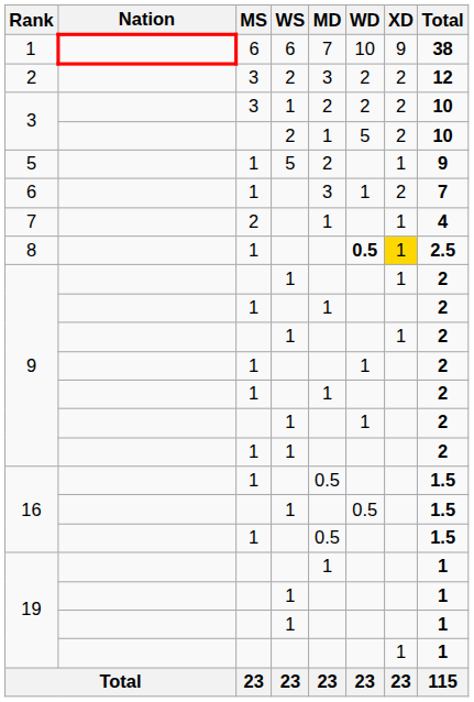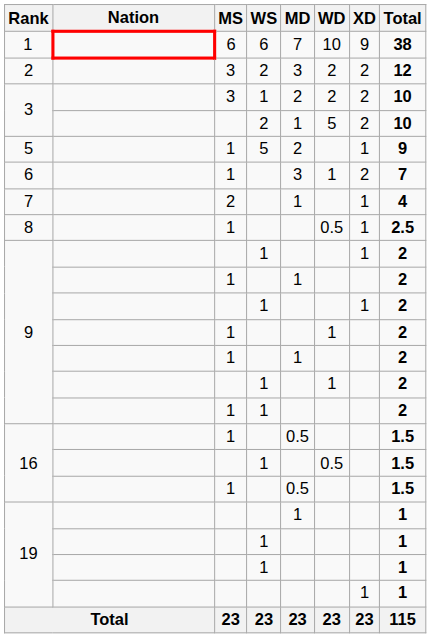 <table class="wikitable" style="text-align:center">
 <tr>
 <th width="20">Rank</th>
 <th width="150">Nation</th>
 <th width="20">MS</th>
 <th width="20">WS</th>
 <th width="20">MD</th>
 <th width="20">WD</th>
 <th width="20">XD</th>
 <th width="20">Total</th>
 </tr>
 <tr>
 <td>1</td>
 <td align="left" style="border: 3px solid red"></td>
 <td>6</td>
 <td>6</td>
 <td>7</td>
 <td>10</td>
 <td>9</td>
 <td><strong>38</strong></td>
 </tr>
 <tr>
 <td>2</td>
 <td align="left"></td>
 <td>3</td>
 <td>2</td>
 <td>3</td>
 <td>2</td>
 <td>2</td>
 <td><strong>12</strong></td>
 </tr>
 <tr>
 <td rowspan="2">3</td>
 <td align="left"></td>
 <td>3</td>
 <td>1</td>
 <td>2</td>
 <td>2</td>
 <td>2</td>
 <td><strong>10</strong></td>
 </tr>
 <tr>
 <td align="left"></td>
 <td></td>
 <td>2</td>
 <td>1</td>
 <td>5</td>
 <td>2</td>
 <td><strong>10</strong></td>
 </tr>
 <tr>
 <td>5</td>
 <td align="left"></td>
 <td>1</td>
 <td>5</td>
 <td>2</td>
 <td></td>
 <td>1</td>
 <td><strong>9</strong></td>
 </tr>
 <tr>
 <td>6</td>
 <td align="left"></td>
 <td>1</td>
 <td></td>
 <td>3</td>
 <td>1</td>
 <td>2</td>
 <td><strong>7</strong></td>
 </tr>
 <tr>
 <td>7</td>
 <td align="left"></td>
 <td>2</td>
 <td></td>
 <td>1</td>
 <td></td>
 <td>1</td>
 <td><strong>4</strong></td>
 </tr>
 <tr>
 <td>8</td>
 <td align="left"></td>
 <td>1</td>
 <td></td>
 <td></td>
-<td><strong>0.5</strong></td>
-<td style="background: gold;">1</td>
+<td>0.5</td>
+<td>1</td>
 <td><strong>2.5</strong></td>
 </tr>
 <tr>
 <td rowspan=7>9</td>
 <td align="left"></td>
 <td></td>
 <td>1</td>
 <td></td>
 <td></td>
 <td>1</td>
 <td><strong>2</strong></td>
 </tr>
 <tr>
 <td align="left"></td>
 <td>1</td>
 <td></td>
 <td>1</td>
 <td></td>
 <td></td>
 <td><strong>2</strong></td>
 </tr>
 <tr>
 <td align="left"></td>
 <td></td>
 <td>1</td>
 <td></td>
 <td></td>
 <td>1</td>
 <td><strong>2</strong></td>
 </tr>
 <tr>
 <td align="left"></td>
 <td>1</td>
 <td></td>
 <td></td>
 <td>1</td>
 <td></td>
 <td><strong>2</strong></td>
 </tr>
 <tr>
 <td align="left"></td>
 <td>1</td>
 <td></td>
 <td>1</td>
 <td></td>
 <td></td>
 <td><strong>2</strong></td>
 </tr>
 <tr>
 <td align="left"></td>
 <td></td>
 <td>1</td>
 <td></td>
 <td>1</td>
 <td></td>
 <td><strong>2</strong></td>
 </tr>
 <tr>
 <td align="left"></td>
 <td>1</td>
 <td>1</td>
 <td></td>
 <td></td>
 <td></td>
 <td><strong>2</strong></td>
 </tr>
 <tr>
 <td rowspan=3>16</td>
 <td align="left"></td>
 <td>1</td>
 <td></td>
 <td>0.5</td>
 <td></td>
 <td></td>
 <td><strong>1.5</strong></td>
 </tr>
 <tr>
 <td align="left"></td>
 <td></td>
 <td>1</td>
 <td></td>
 <td>0.5</td>
 <td></td>
 <td><strong>1.5</strong></td>
 </tr>
 <tr>
 <td align="left"></td>
 <td>1</td>
 <td></td>
 <td>0.5</td>
 <td></td>
 <td></td>
 <td><strong>1.5</strong></td>
 </tr>
 <tr>
 <td rowspan=4>19</td>
 <td align="left"></td>
 <td></td>
 <td></td>
 <td>1</td>
 <td></td>
 <td></td>
 <td><strong>1</strong></td>
 </tr>
 <tr>
 <td align="left"></td>
 <td></td>
 <td>1</td>
 <td></td>
 <td></td>
 <td></td>
 <td><strong>1</strong></td>
 </tr>
 <tr>
 <td align="left"></td>
 <td></td>
 <td>1</td>
 <td></td>
 <td></td>
 <td></td>
 <td><strong>1</strong></td>
 </tr>
 <tr>
 <td align="left"></td>
 <td></td>
 <td></td>
 <td></td>
 <td></td>
 <td>1</td>
 <td><strong>1</strong></td>
 </tr>
 <tr>
 <th colspan="2">Total</th>
 <th>23</th>
 <th>23</th>
 <th>23</th>
 <th>23</th>
 <th>23</th>
 <th>115</th>
 </tr>
 </table>
